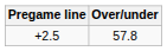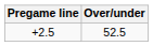 <table class="wikitable" style="margin-left: auto; margin-right: auto; border: none; display: inline-table;">
 <tr align="center">
 <th style=>Pregame line</th>
 <th style=>Over/under</th>
 </tr>
 <tr align="center">
 <td>+2.5</td>
-<td>57.8</td>
+<td>52.5</td>
 </tr>
 </table>
